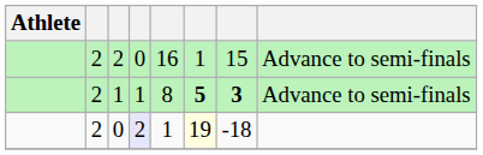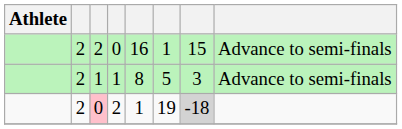 <table class=wikitable style="text-align:center">
 <tr>
 <th>Athlete</th>
 <th></th>
 <th></th>
 <th></th>
 <th></th>
 <th></th>
 <th></th>
 <th></th>
 </tr>
 <tr bgcolor=bbf3bb>
 <td style="text-align:left"></td>
 <td>2</td>
 <td>2</td>
 <td>0</td>
 <td>16</td>
 <td>1</td>
 <td>15</td>
 <td>Advance to semi-finals</td>
 </tr>
 <tr bgcolor=bbf3bb>
 <td style="text-align:left"></td>
 <td>2</td>
 <td>1</td>
 <td>1</td>
 <td>8</td>
-<td><strong>5</strong></td>
-<td><strong>3</strong></td>
+<td>5</td>
+<td>3</td>
 <td>Advance to semi-finals</td>
 </tr>
 <tr>
 <td style="text-align:left"></td>
 <td>2</td>
-<td>0</td>
-<td style="background: lavender;">2</td>
+<td style="background: pink;">0</td>
+<td>2</td>
 <td>1</td>
-<td style="background: lightyellow;">19</td>
-<td>-18</td>
+<td>19</td>
+<td style="background: lightgrey;">-18</td>
 <td></td>
 </tr>
 <tr>
 </tr>
 </table>
